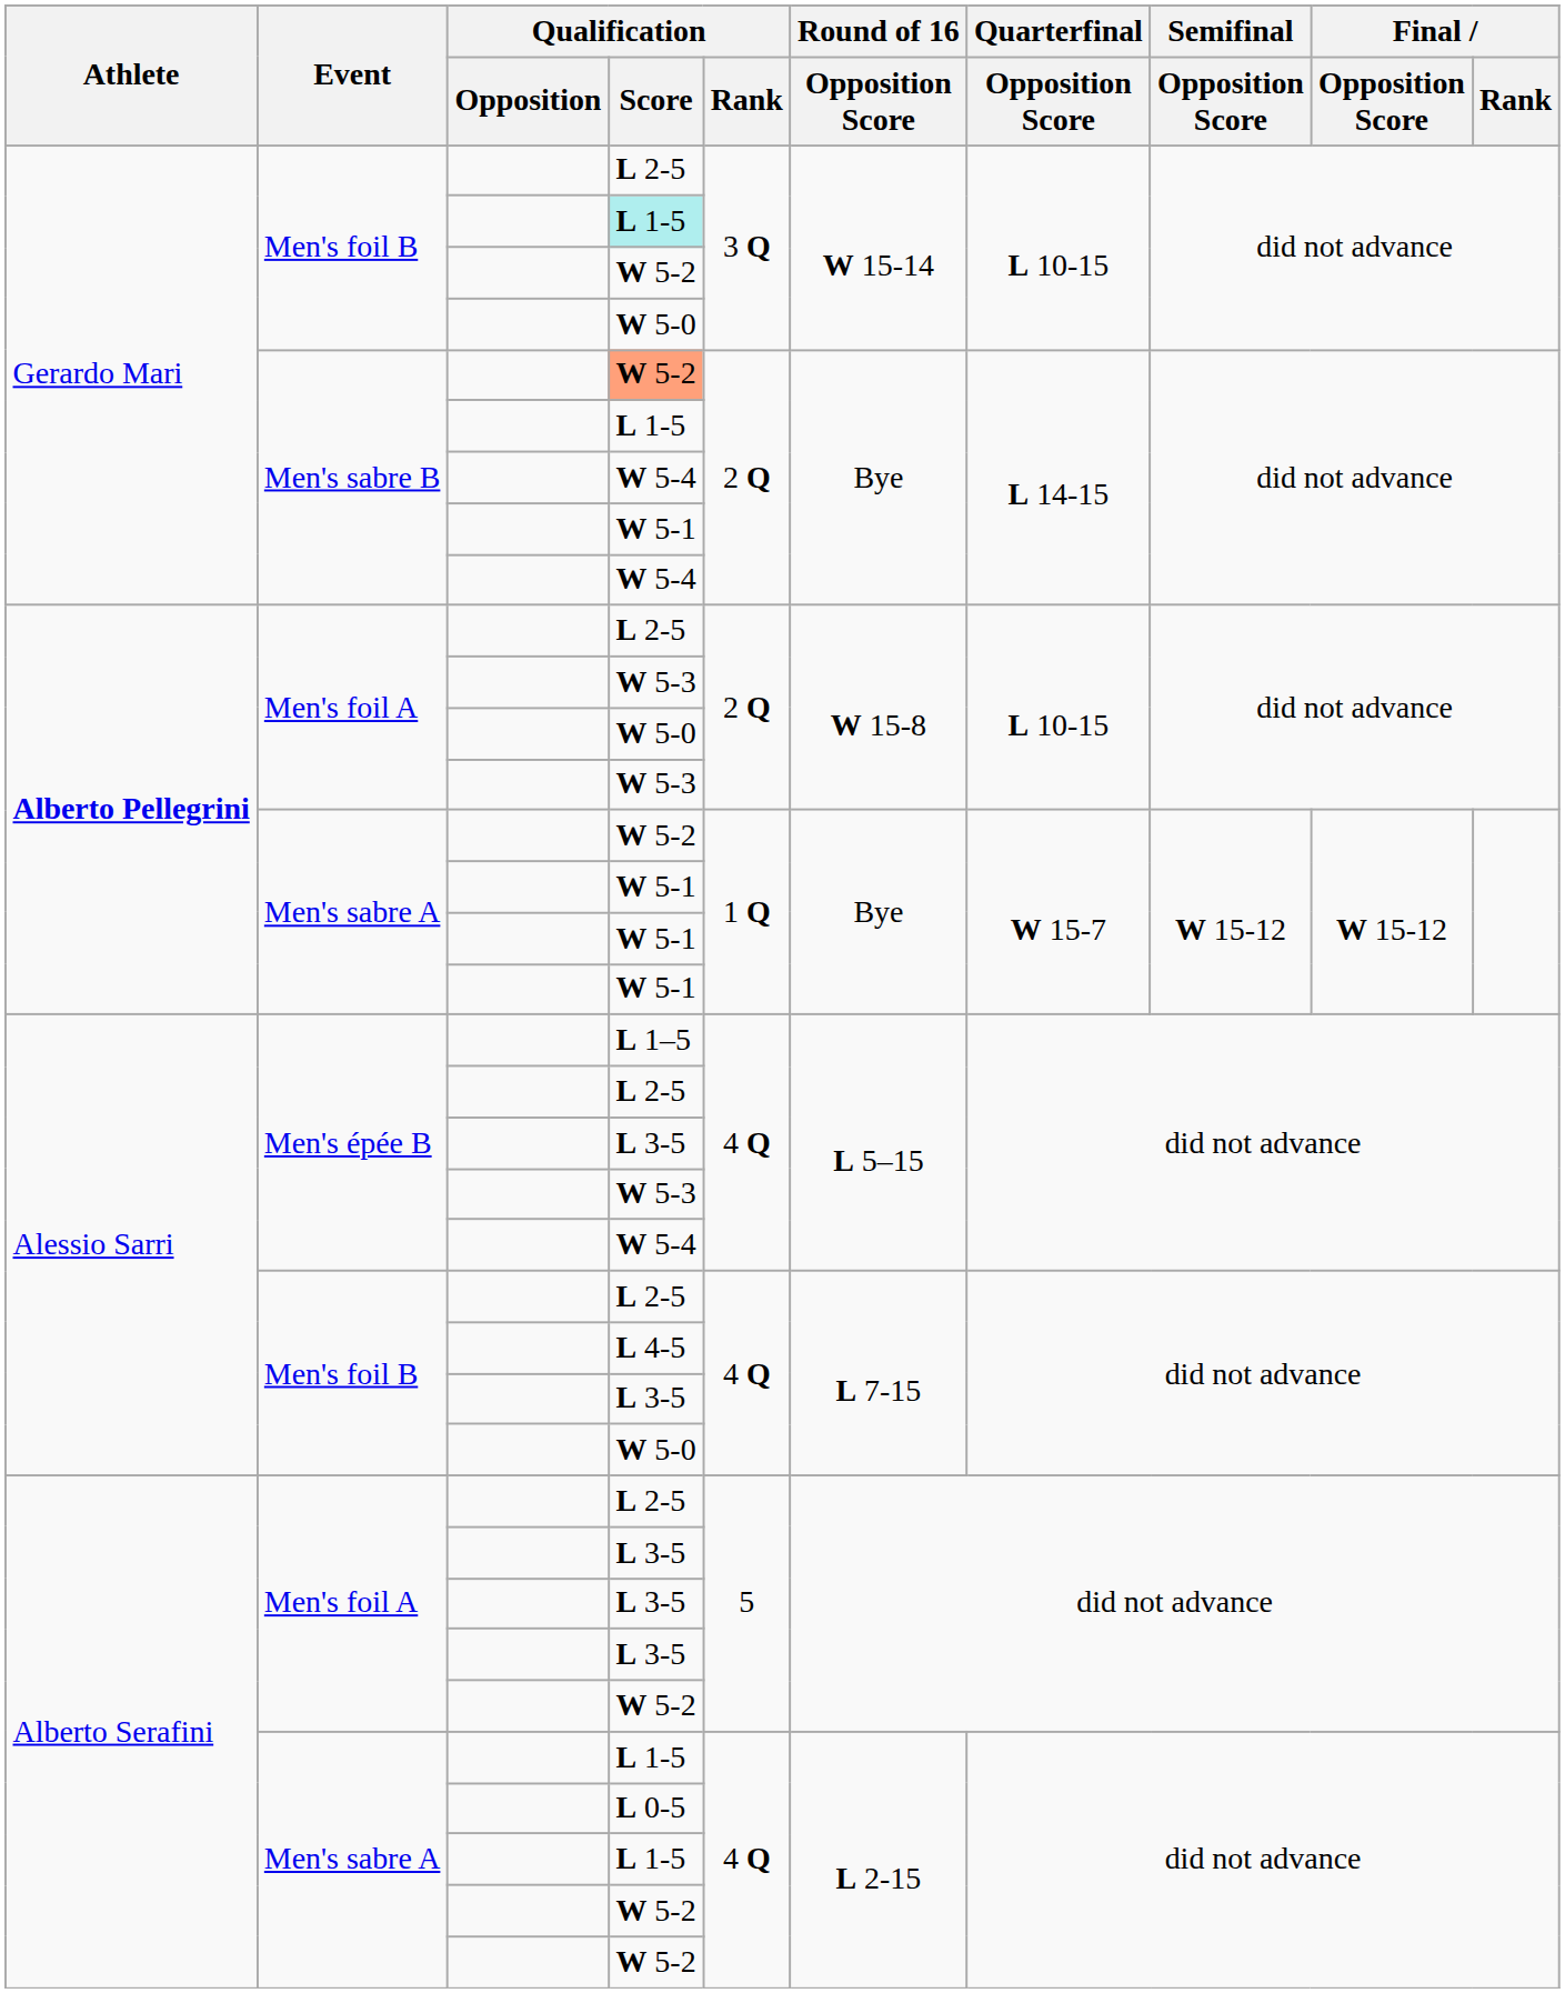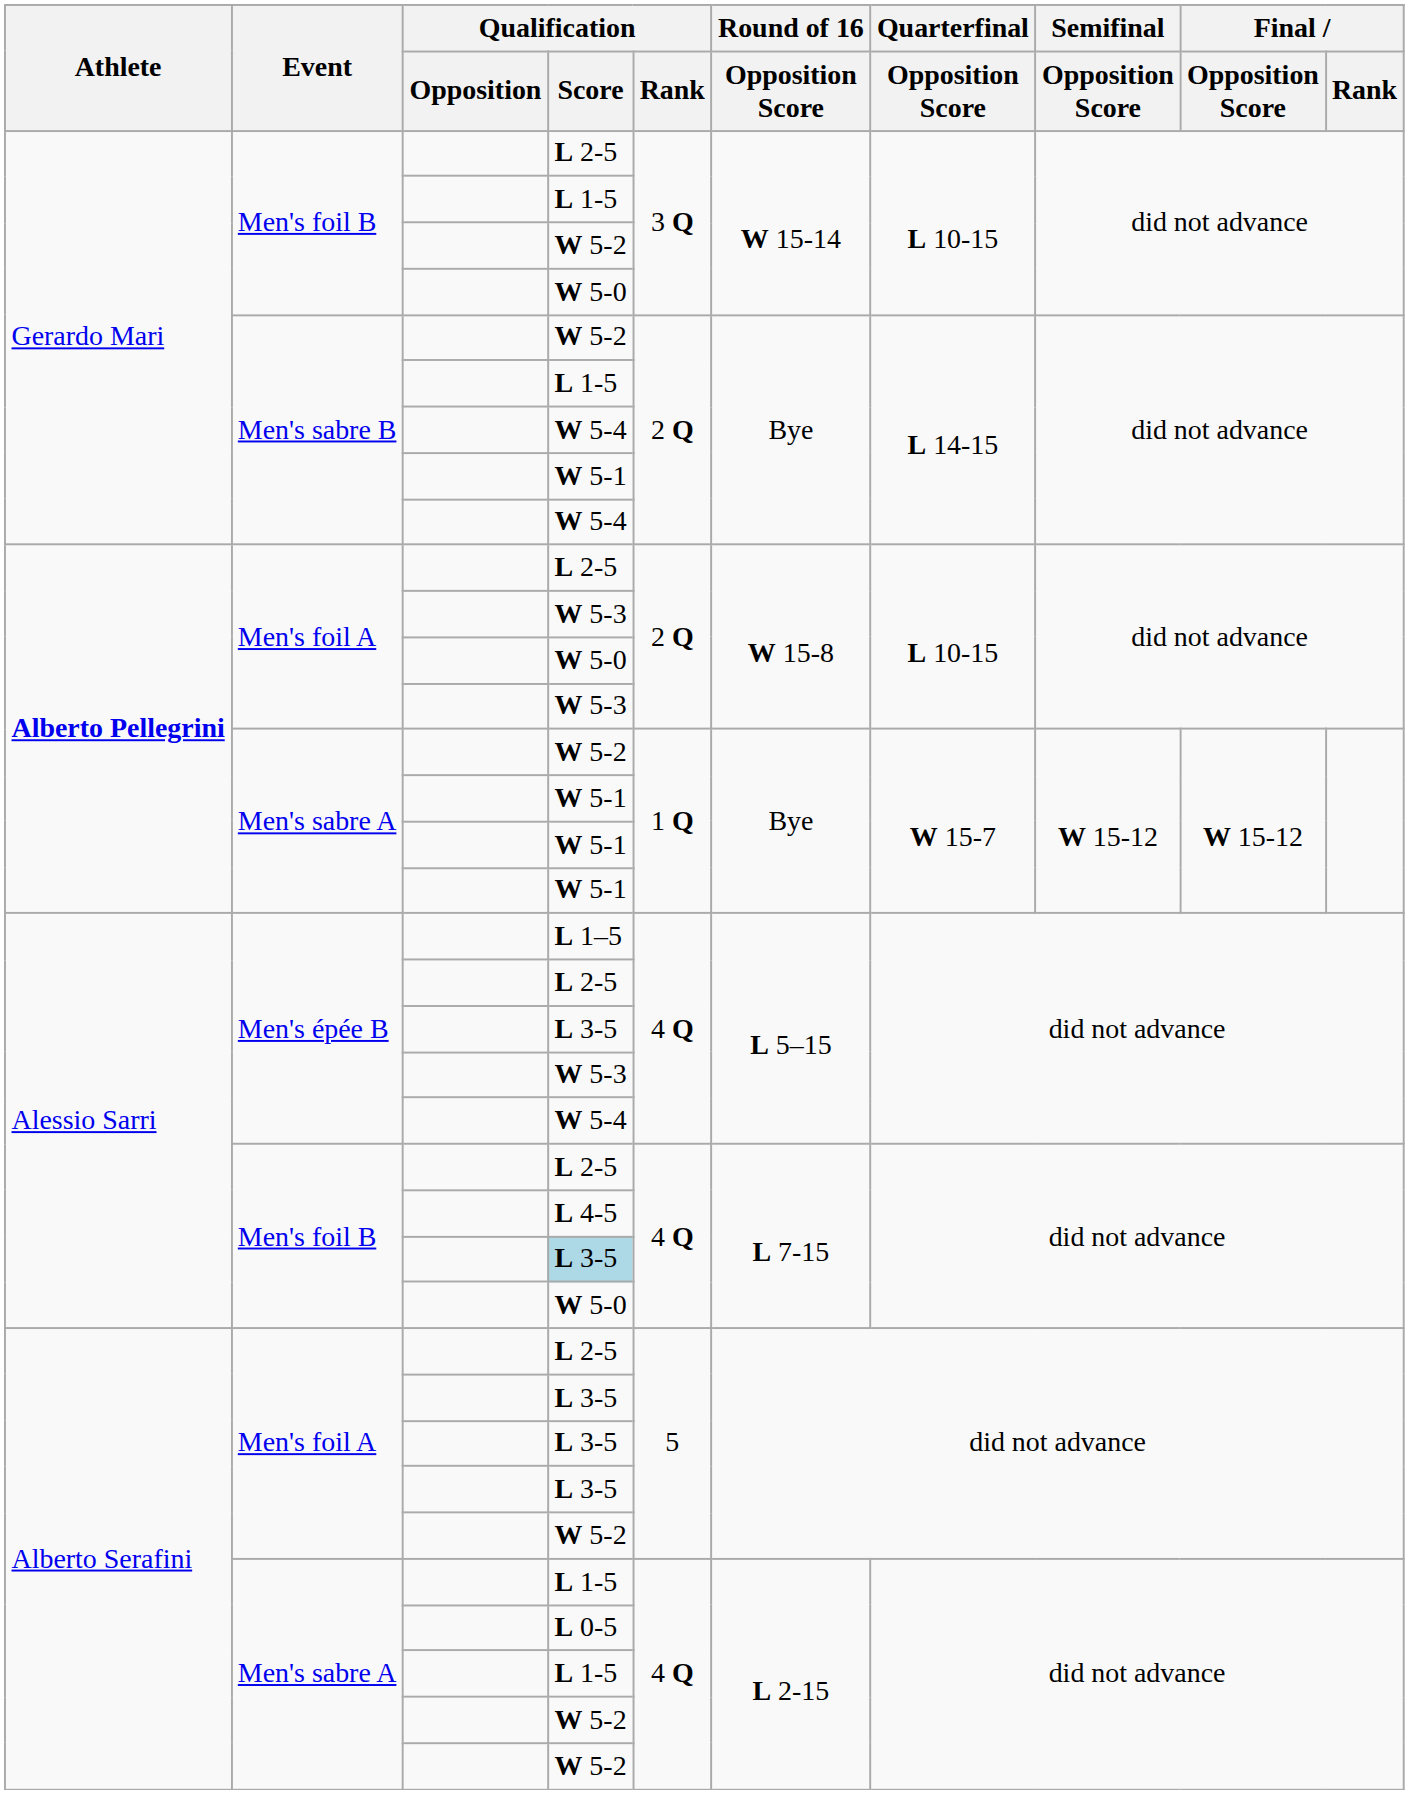 <table class=wikitable style="font-size:90%">
 <tr>
 <th rowspan="2">Athlete</th>
 <th rowspan="2">Event</th>
 <th colspan="3">Qualification</th>
 <th>Round of 16</th>
 <th>Quarterfinal</th>
 <th>Semifinal</th>
 <th colspan="2">Final / </th>
 </tr>
 <tr>
 <th>Opposition</th>
 <th>Score</th>
 <th>Rank</th>
 <th>Opposition<br>Score</th>
 <th>Opposition<br>Score</th>
 <th>Opposition<br>Score</th>
 <th>Opposition<br>Score</th>
 <th>Rank</th>
 </tr>
 <tr>
 <td rowspan=9><a href='#'>Gerardo Mari</a></td>
 <td rowspan=4><a href='#'>Men's foil B</a></td>
 <td></td>
 <td><strong>L</strong> 2-5</td>
 <td align="center" rowspan=4>3 <strong>Q</strong></td>
 <td align="center" rowspan=4><br><strong>W</strong> 15-14</td>
 <td align="center" rowspan=4><br><strong>L</strong> 10-15</td>
 <td align="center" rowspan=4 colspan=3>did not advance</td>
 </tr>
 <tr>
 <td></td>
-<td style="background: paleturquoise;"><strong>L</strong> 1-5</td>
+<td><strong>L</strong> 1-5</td>
 </tr>
 <tr>
 <td></td>
 <td><strong>W</strong> 5-2</td>
 </tr>
 <tr>
 <td></td>
 <td><strong>W</strong> 5-0</td>
 </tr>
 <tr>
 <td rowspan=5><a href='#'>Men's sabre B</a></td>
 <td></td>
-<td style="background: lightsalmon;"><strong>W</strong> 5-2</td>
+<td><strong>W</strong> 5-2</td>
 <td align="center" rowspan=5>2 <strong>Q</strong></td>
 <td align="center" rowspan=5>Bye</td>
 <td align="center" rowspan=5><br><strong>L</strong> 14-15</td>
 <td align="center" rowspan=5 colspan=3>did not advance</td>
 </tr>
 <tr>
 <td></td>
 <td><strong>L</strong> 1-5</td>
 </tr>
 <tr>
 <td></td>
 <td><strong>W</strong> 5-4</td>
 </tr>
 <tr>
 <td></td>
 <td><strong>W</strong> 5-1</td>
 </tr>
 <tr>
 <td></td>
 <td><strong>W</strong> 5-4</td>
 </tr>
 <tr>
 <td rowspan=8><strong><a href='#'>Alberto Pellegrini</a></strong></td>
 <td rowspan=4><a href='#'>Men's foil A</a></td>
 <td></td>
 <td><strong>L</strong> 2-5</td>
 <td align="center" rowspan=4>2 <strong>Q</strong></td>
 <td align="center" rowspan=4><br><strong>W</strong> 15-8</td>
 <td align="center" rowspan=4><br><strong>L</strong> 10-15</td>
 <td align="center" rowspan=4 colspan=3>did not advance</td>
 </tr>
 <tr>
 <td></td>
 <td><strong>W</strong> 5-3</td>
 </tr>
 <tr>
 <td></td>
 <td><strong>W</strong> 5-0</td>
 </tr>
 <tr>
 <td></td>
 <td><strong>W</strong> 5-3</td>
 </tr>
 <tr>
 <td rowspan=4><a href='#'>Men's sabre A</a></td>
 <td></td>
 <td><strong>W</strong> 5-2</td>
 <td align="center" rowspan=4>1 <strong>Q</strong></td>
 <td align="center" rowspan=4>Bye</td>
 <td align="center" rowspan=4><br><strong>W</strong> 15-7</td>
 <td align="center" rowspan=4><br><strong>W</strong> 15-12</td>
 <td align="center" rowspan=4><br><strong>W</strong> 15-12</td>
 <td align="center" rowspan=4></td>
 </tr>
 <tr>
 <td></td>
 <td><strong>W</strong> 5-1</td>
 </tr>
 <tr>
 <td></td>
 <td><strong>W</strong> 5-1</td>
 </tr>
 <tr>
 <td></td>
 <td><strong>W</strong> 5-1</td>
 </tr>
 <tr>
 <td rowspan=9><a href='#'>Alessio Sarri</a></td>
 <td rowspan=5><a href='#'>Men's épée B</a></td>
 <td></td>
 <td><strong>L</strong> 1–5</td>
 <td align="center" rowspan=5>4 <strong>Q</strong></td>
 <td align="center" rowspan=5><br><strong>L</strong> 5–15</td>
 <td align="center" rowspan=5 colspan=4>did not advance</td>
 </tr>
 <tr>
 <td></td>
 <td><strong>L</strong> 2-5</td>
 </tr>
 <tr>
 <td></td>
 <td><strong>L</strong> 3-5</td>
 </tr>
 <tr>
 <td></td>
 <td><strong>W</strong> 5-3</td>
 </tr>
 <tr>
 <td></td>
 <td><strong>W</strong> 5-4</td>
 </tr>
 <tr>
 <td rowspan=4><a href='#'>Men's foil B</a></td>
 <td></td>
 <td><strong>L</strong> 2-5</td>
 <td align="center" rowspan=4>4 <strong>Q</strong></td>
 <td align="center" rowspan=4><br><strong>L</strong> 7-15</td>
 <td align="center" rowspan=4 colspan=4>did not advance</td>
 </tr>
 <tr>
 <td></td>
 <td><strong>L</strong> 4-5</td>
 </tr>
 <tr>
 <td></td>
-<td><strong>L</strong> 3-5</td>
+<td style="background: lightblue;"><strong>L</strong> 3-5</td>
 </tr>
 <tr>
 <td></td>
 <td><strong>W</strong> 5-0</td>
 </tr>
 <tr>
 <td rowspan=10><a href='#'>Alberto Serafini</a></td>
 <td rowspan=5><a href='#'>Men's foil A</a></td>
 <td></td>
 <td><strong>L</strong> 2-5</td>
 <td align="center" rowspan=5>5</td>
 <td align="center" rowspan=5 colspan=5>did not advance</td>
 </tr>
 <tr>
 <td></td>
 <td><strong>L</strong> 3-5</td>
 </tr>
 <tr>
 <td></td>
 <td><strong>L</strong> 3-5</td>
 </tr>
 <tr>
 <td></td>
 <td><strong>L</strong> 3-5</td>
 </tr>
 <tr>
 <td></td>
 <td><strong>W</strong> 5-2</td>
 </tr>
 <tr>
 <td rowspan=5><a href='#'>Men's sabre A</a></td>
 <td></td>
 <td><strong>L</strong> 1-5</td>
 <td align="center" rowspan=5>4 <strong>Q</strong></td>
 <td align="center" rowspan=5><br><strong>L</strong> 2-15</td>
 <td align="center" rowspan=5 colspan=4>did not advance</td>
 </tr>
 <tr>
 <td></td>
 <td><strong>L</strong> 0-5</td>
 </tr>
 <tr>
 <td></td>
 <td><strong>L</strong> 1-5</td>
 </tr>
 <tr>
 <td></td>
 <td><strong>W</strong> 5-2</td>
 </tr>
 <tr>
 <td></td>
 <td><strong>W</strong> 5-2</td>
 </tr>
 </table>
